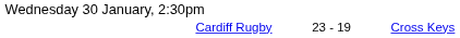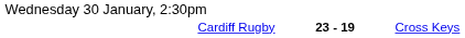 <table style="width:70%;" cellspacing="1">
 <tr>
 <th width=35%></th>
 <th width=15%></th>
 <th></th>
 </tr>
 <tr>
 <td>Wednesday 30 January, 2:30pm</td>
 </tr>
 <tr style=font-size:90%>
 <td align=right><a href='#'>Cardiff Rugby</a></td>
-<td align=center>23 - 19</td>
+<td align=center><strong>23 - 19</strong></td>
 <td><a href='#'>Cross Keys</a></td>
 </tr>
 </table>
